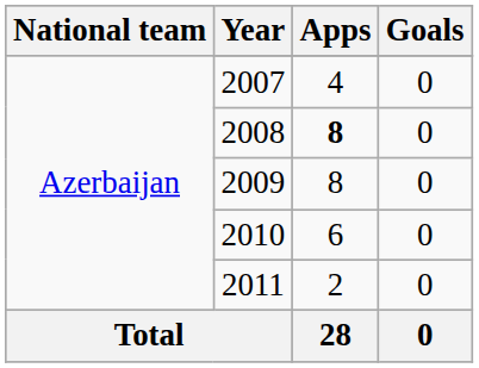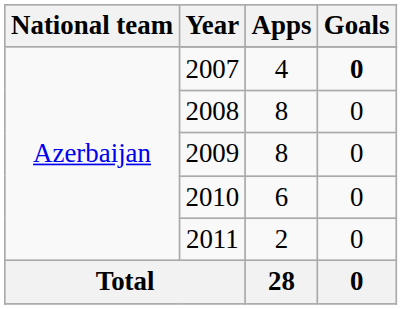 <table class="wikitable" style="text-align:center">
 <tr>
 <th>National team</th>
 <th>Year</th>
 <th>Apps</th>
 <th>Goals</th>
 </tr>
 <tr>
 <td rowspan="6"><a href='#'>Azerbaijan</a></td>
 </tr>
 <tr>
 <td>2007</td>
 <td>4</td>
-<td>0</td>
+<td><strong>0</strong></td>
 </tr>
 <tr>
 <td>2008</td>
-<td><strong>8</strong></td>
+<td>8</td>
 <td>0</td>
 </tr>
 <tr>
 <td>2009</td>
 <td>8</td>
 <td>0</td>
 </tr>
 <tr>
 <td>2010</td>
 <td>6</td>
 <td>0</td>
 </tr>
 <tr>
 <td>2011</td>
 <td>2</td>
 <td>0</td>
 </tr>
 <tr>
 <th colspan="2">Total</th>
 <th>28</th>
 <th>0</th>
 </tr>
 </table>
